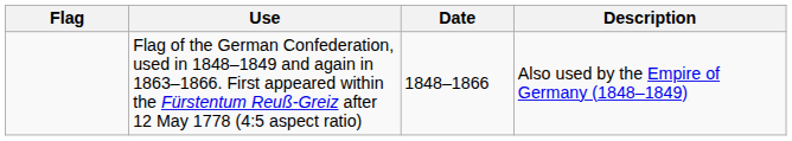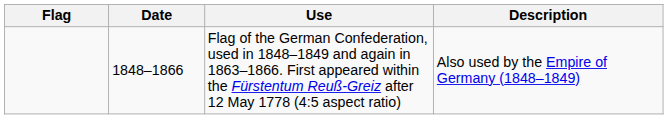 <table class="wikitable">
 <tr>
 <th style="width:110px">Flag</th>
+<th style="width:100px">Date</th>
 <th style="width:250px">Use</th>
-<th style="width:100px">Date</th>
 <th style="width:250px">Description</th>
 </tr>
 <tr>
 <td></td>
+<td>1848–1866</td>
 <td>Flag of the German Confederation, used in 1848–1849 and again in 1863–1866. First appeared within the <a href='#'><em>Fürstentum Reuß-Greiz</em></a> after 12 May 1778 (4:5 aspect ratio)</td>
-<td>1848–1866</td>
 <td>Also used by the <a href='#'>Empire of Germany (1848–1849)</a></td>
 </tr>
 </table>
